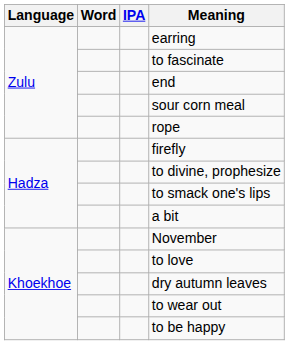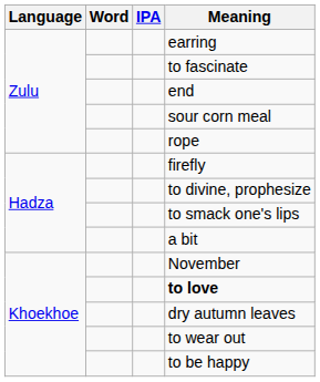 <table class="wikitable">
 <tr>
 <th colspan=2>Language</th>
 <th>Word</th>
 <th><a href='#'>IPA</a></th>
 <th>Meaning</th>
 </tr>
 <tr>
 <td colspan=2 rowspan=5><a href='#'>Zulu</a></td>
 <td></td>
 <td align=center>  </td>
 <td>earring</td>
 </tr>
 <tr>
 <td></td>
 <td align=center>  </td>
 <td>to fascinate</td>
 </tr>
 <tr>
 <td></td>
 <td align=center>  </td>
 <td>end</td>
 </tr>
 <tr>
 <td></td>
 <td align=center>  </td>
 <td>sour corn meal</td>
 </tr>
 <tr>
 <td></td>
 <td align=center>  </td>
 <td>rope</td>
 </tr>
 <tr>
 <td colspan=2 rowspan=4><a href='#'>Hadza</a></td>
 <td></td>
 <td align=center>  </td>
 <td>firefly</td>
 </tr>
 <tr>
 <td></td>
 <td align=center>  </td>
 <td>to divine, prophesize</td>
 </tr>
 <tr>
 <td></td>
 <td align=center>  </td>
 <td>to smack one's lips</td>
 </tr>
 <tr>
 <td></td>
 <td align=center>  </td>
 <td>a bit</td>
 </tr>
 <tr>
 <td colspan=2 rowspan=5><a href='#'>Khoekhoe</a></td>
 <td></td>
 <td align=center>  </td>
 <td>November</td>
 </tr>
 <tr>
 <td></td>
 <td align=center>  </td>
-<td>to love</td>
+<td><strong>to love</strong></td>
 </tr>
 <tr>
 <td></td>
 <td align=center>  </td>
 <td>dry autumn leaves</td>
 </tr>
 <tr>
 <td></td>
 <td align=center>  </td>
 <td>to wear out</td>
 </tr>
 <tr>
 <td></td>
 <td align=center>  </td>
 <td>to be happy</td>
 </tr>
 </table>
